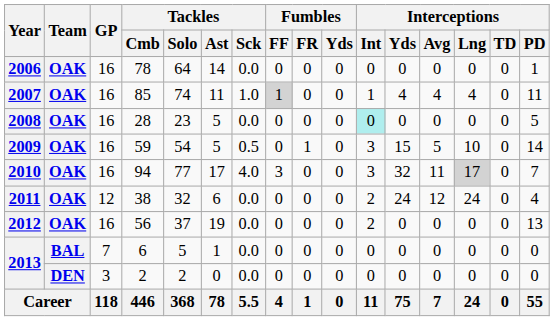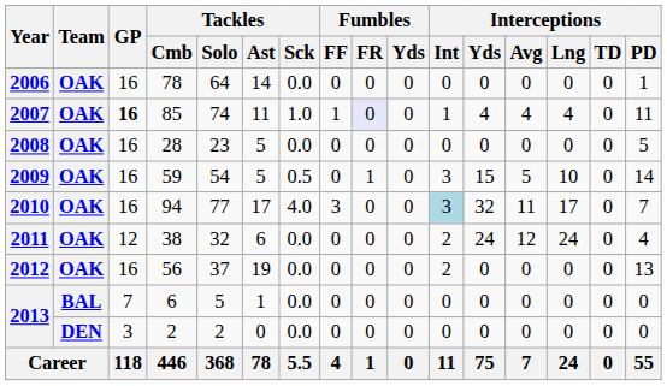 <table class=wikitable style="text-align:center;">
 <tr>
 <th rowspan="2">Year</th>
 <th rowspan="2">Team</th>
 <th rowspan="2">GP</th>
 <th colspan="4">Tackles</th>
 <th colspan="3">Fumbles</th>
 <th colspan="6">Interceptions</th>
 </tr>
 <tr>
 <th>Cmb</th>
 <th>Solo</th>
 <th>Ast</th>
 <th>Sck</th>
 <th>FF</th>
 <th>FR</th>
 <th>Yds</th>
 <th>Int</th>
 <th>Yds</th>
 <th>Avg</th>
 <th>Lng</th>
 <th>TD</th>
 <th>PD</th>
 </tr>
 <tr>
 <th><a href='#'>2006</a></th>
 <th><a href='#'>OAK</a></th>
 <td>16</td>
 <td>78</td>
 <td>64</td>
 <td>14</td>
 <td>0.0</td>
 <td>0</td>
 <td>0</td>
 <td>0</td>
 <td>0</td>
 <td>0</td>
 <td>0</td>
 <td>0</td>
 <td>0</td>
 <td>1</td>
 </tr>
 <tr>
 <th><a href='#'>2007</a></th>
 <th><a href='#'>OAK</a></th>
-<td>16</td>
+<td><strong>16</strong></td>
 <td>85</td>
 <td>74</td>
 <td>11</td>
 <td>1.0</td>
-<td style="background: lightgrey;">1</td>
-<td>0</td>
+<td>1</td>
+<td style="background: lavender;">0</td>
 <td>0</td>
 <td>1</td>
 <td>4</td>
 <td>4</td>
 <td>4</td>
 <td>0</td>
 <td>11</td>
 </tr>
 <tr>
 <th><a href='#'>2008</a></th>
 <th><a href='#'>OAK</a></th>
 <td>16</td>
 <td>28</td>
 <td>23</td>
 <td>5</td>
 <td>0.0</td>
 <td>0</td>
 <td>0</td>
 <td>0</td>
-<td style="background: paleturquoise;">0</td>
+<td>0</td>
 <td>0</td>
 <td>0</td>
 <td>0</td>
 <td>0</td>
 <td>5</td>
 </tr>
 <tr>
 <th><a href='#'>2009</a></th>
 <th><a href='#'>OAK</a></th>
 <td>16</td>
 <td>59</td>
 <td>54</td>
 <td>5</td>
 <td>0.5</td>
 <td>0</td>
 <td>1</td>
 <td>0</td>
 <td>3</td>
 <td>15</td>
 <td>5</td>
 <td>10</td>
 <td>0</td>
 <td>14</td>
 </tr>
 <tr>
 <th><a href='#'>2010</a></th>
 <th><a href='#'>OAK</a></th>
 <td>16</td>
 <td>94</td>
 <td>77</td>
 <td>17</td>
 <td>4.0</td>
 <td>3</td>
 <td>0</td>
 <td>0</td>
-<td>3</td>
+<td style="background: lightblue;">3</td>
 <td>32</td>
 <td>11</td>
-<td style="background: lightgrey;">17</td>
+<td>17</td>
 <td>0</td>
 <td>7</td>
 </tr>
 <tr>
 <th><a href='#'>2011</a></th>
 <th><a href='#'>OAK</a></th>
 <td>12</td>
 <td>38</td>
 <td>32</td>
 <td>6</td>
 <td>0.0</td>
 <td>0</td>
 <td>0</td>
 <td>0</td>
 <td>2</td>
 <td>24</td>
 <td>12</td>
 <td>24</td>
 <td>0</td>
 <td>4</td>
 </tr>
 <tr>
 <th><a href='#'>2012</a></th>
 <th><a href='#'>OAK</a></th>
 <td>16</td>
 <td>56</td>
 <td>37</td>
 <td>19</td>
 <td>0.0</td>
 <td>0</td>
 <td>0</td>
 <td>0</td>
 <td>2</td>
 <td>0</td>
 <td>0</td>
 <td>0</td>
 <td>0</td>
 <td>13</td>
 </tr>
 <tr>
 <th rowspan="2"><a href='#'>2013</a></th>
 <th><a href='#'>BAL</a></th>
 <td>7</td>
 <td>6</td>
 <td>5</td>
 <td>1</td>
 <td>0.0</td>
 <td>0</td>
 <td>0</td>
 <td>0</td>
 <td>0</td>
 <td>0</td>
 <td>0</td>
 <td>0</td>
 <td>0</td>
 <td>0</td>
 </tr>
 <tr>
 <th><a href='#'>DEN</a></th>
 <td>3</td>
 <td>2</td>
 <td>2</td>
 <td>0</td>
 <td>0.0</td>
 <td>0</td>
 <td>0</td>
 <td>0</td>
 <td>0</td>
 <td>0</td>
 <td>0</td>
 <td>0</td>
 <td>0</td>
 <td>0</td>
 </tr>
 <tr>
 <th colspan="2">Career</th>
 <th>118</th>
 <th>446</th>
 <th>368</th>
 <th>78</th>
 <th>5.5</th>
 <th>4</th>
 <th>1</th>
 <th>0</th>
 <th>11</th>
 <th>75</th>
 <th>7</th>
 <th>24</th>
 <th>0</th>
 <th>55</th>
 </tr>
 </table>
